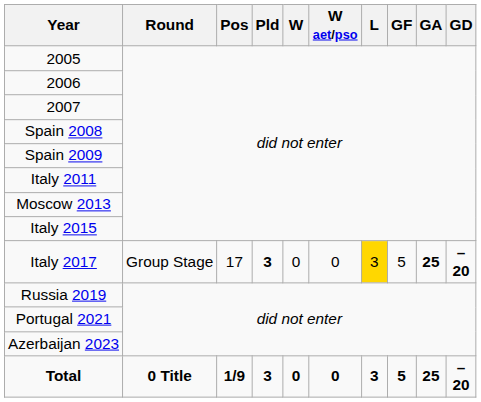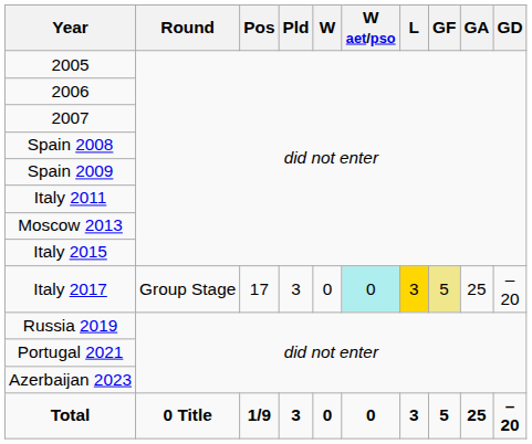 <table class="wikitable" style="text-align: center;">
 <tr>
 <th>Year</th>
 <th>Round</th>
 <th width=20>Pos</th>
 <th width=20>Pld</th>
 <th width=20>W</th>
 <th width=20>W<br><small><a href='#'>aet</a>/<a href='#'>pso</a></small></th>
 <th width=20>L</th>
 <th width=20>GF</th>
 <th width=20>GA</th>
 <th width=20>GD</th>
 </tr>
 <tr>
 <td>2005</td>
 <td rowspan=8 colspan=9><em>did not enter</em></td>
 </tr>
 <tr>
 <td>2006</td>
 </tr>
 <tr>
 <td>2007</td>
 </tr>
 <tr>
 <td> Spain <a href='#'>2008</a></td>
 </tr>
 <tr>
 <td> Spain <a href='#'>2009</a></td>
 </tr>
 <tr>
 <td> Italy <a href='#'>2011</a></td>
 </tr>
 <tr>
 <td> Moscow <a href='#'>2013</a></td>
 </tr>
 <tr>
 <td> Italy <a href='#'>2015</a></td>
 </tr>
 <tr>
 <td> Italy <a href='#'>2017</a></td>
 <td>Group Stage</td>
 <td>17</td>
-<td><strong>3</strong></td>
+<td>3</td>
 <td>0</td>
-<td>0</td>
+<td style="background: paleturquoise;">0</td>
 <td style="background: gold;">3</td>
-<td>5</td>
-<td><strong>25</strong></td>
-<td><strong>–20</strong></td>
+<td style="background: khaki;">5</td>
+<td>25</td>
+<td>–20</td>
 </tr>
 <tr>
 <td> Russia <a href='#'>2019</a></td>
 <td rowspan=3 colspan=9><em>did not enter</em></td>
 </tr>
 <tr>
 <td> Portugal <a href='#'>2021</a></td>
 </tr>
 <tr>
 <td> Azerbaijan <a href='#'>2023</a></td>
 </tr>
 <tr>
 <td><strong>Total</strong></td>
 <td><strong>0 Title</strong></td>
 <td><strong>1/9</strong></td>
 <td><strong>3</strong></td>
 <td><strong>0</strong></td>
 <td><strong>0</strong></td>
 <td><strong>3</strong></td>
 <td><strong>5</strong></td>
 <td><strong>25</strong></td>
 <td><strong>–20</strong></td>
 </tr>
 </table>
